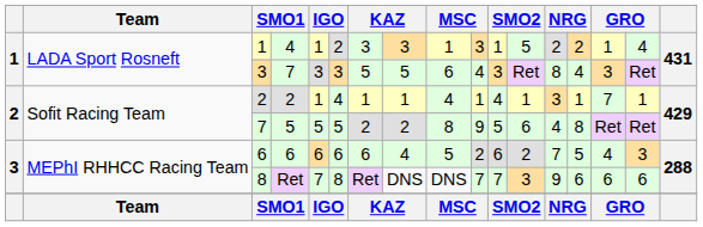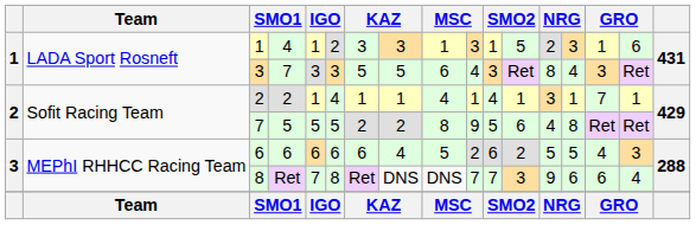 <table align=left| class="wikitable" style="font-size: 90%; text-align: center">
 <tr valign="top">
 <th valign="middle"></th>
 <th valign="middle">Team</th>
 <th colspan=2><a href='#'>SMO1</a></th>
 <th colspan=2><a href='#'>IGO</a></th>
 <th colspan=2><a href='#'>KAZ</a></th>
 <th colspan=2><a href='#'>MSC</a></th>
 <th colspan=2><a href='#'>SMO2</a></th>
 <th colspan=2><a href='#'>NRG</a></th>
 <th colspan=2><a href='#'>GRO</a></th>
 <th valign="middle"></th>
 </tr>
 <tr>
 <th rowspan="2">1</th>
 <td rowspan="2" align=left><a href='#'>LADA Sport</a> <a href='#'>Rosneft</a></td>
 <td style="background:#ffffbf;">1</td>
 <td style="background:#dfffdf;">4</td>
 <td style="background:#ffffbf;">1</td>
 <td style="background:#dfdfdf;">2</td>
 <td style="background:#dfffdf;">3</td>
 <td style="background:#ffdf9f;">3</td>
 <td style="background:#ffffbf;">1</td>
 <td style="background:#ffdf9f;">3</td>
 <td style="background:#ffffbf;">1</td>
 <td style="background:#dfffdf;">5</td>
 <td style="background:#dfdfdf;">2</td>
-<td style="background:#ffdf9f;">2</td>
+<td style="background:#ffdf9f;">3</td>
 <td style="background:#ffffbf;">1</td>
-<td style="background:#dfffdf;">4</td>
+<td style="background:#dfffdf;">6</td>
 <th rowspan="2">431</th>
 </tr>
 <tr>
 <td style="background:#ffdf9f;">3</td>
 <td style="background:#dfffdf;">7</td>
 <td style="background:#dfdfdf;">3</td>
 <td style="background:#ffdf9f;">3</td>
 <td style="background:#dfffdf;">5</td>
 <td style="background:#dfffdf;">5</td>
 <td style="background:#dfffdf;">6</td>
 <td style="background:#dfffdf;">4</td>
 <td style="background:#ffdf9f;">3</td>
 <td style="background:#efcfff;">Ret</td>
 <td style="background:#dfffdf;">8</td>
 <td style="background:#dfffdf;">4</td>
 <td style="background:#ffdf9f;">3</td>
 <td style="background:#efcfff;">Ret</td>
 </tr>
 <tr>
 <th rowspan="2">2</th>
 <td rowspan="2" align=left>Sofit Racing Team</td>
 <td style="background:#dfdfdf;">2</td>
 <td style="background:#dfdfdf;">2</td>
 <td style="background:#ffffbf;">1</td>
 <td style="background:#dfffdf;">4</td>
 <td style="background:#ffffbf;">1</td>
 <td style="background:#ffffbf;">1</td>
 <td style="background:#dfffdf;">4</td>
 <td style="background:#ffffbf;">1</td>
 <td style="background:#dfffdf;">4</td>
 <td style="background:#ffffbf;">1</td>
 <td style="background:#ffdf9f;">3</td>
 <td style="background:#ffffbf;">1</td>
 <td style="background:#dfffdf;">7</td>
 <td style="background:#ffffbf;">1</td>
 <th rowspan="2">429</th>
 </tr>
 <tr>
 <td style="background:#dfffdf;">7</td>
 <td style="background:#dfffdf;">5</td>
 <td style="background:#dfffdf;">5</td>
 <td style="background:#dfffdf;">5</td>
 <td style="background:#dfdfdf;">2</td>
 <td style="background:#dfdfdf;">2</td>
 <td style="background:#dfffdf;">8</td>
 <td style="background:#dfffdf;">9</td>
 <td style="background:#dfffdf;">5</td>
 <td style="background:#dfffdf;">6</td>
 <td style="background:#dfffdf;">4</td>
 <td style="background:#dfffdf;">8</td>
 <td style="background:#efcfff;">Ret</td>
 <td style="background:#efcfff;">Ret</td>
 </tr>
 <tr>
 <th rowspan="2">3</th>
 <td rowspan="2" align=left><a href='#'>MEPhI</a> RHHCC Racing Team</td>
 <td style="background:#dfffdf;">6</td>
 <td style="background:#dfffdf;">6</td>
 <td style="background:#ffdf9f;">6</td>
 <td style="background:#dfffdf;">6</td>
 <td style="background:#dfffdf;">6</td>
 <td style="background:#dfffdf;">4</td>
 <td style="background:#dfffdf;">5</td>
 <td style="background:#dfdfdf;">2</td>
 <td style="background:#dfdfdf;">6</td>
 <td style="background:#dfdfdf;">2</td>
-<td style="background:#dfffdf;">7</td>
+<td style="background:#dfffdf;">5</td>
 <td style="background:#dfffdf;">5</td>
 <td style="background:#dfffdf;">4</td>
 <td style="background:#ffdf9f;">3</td>
 <th rowspan="2">288</th>
 </tr>
 <tr>
 <td style="background:#dfffdf;">8</td>
 <td style="background:#efcfff;">Ret</td>
 <td style="background:#dfffdf;">7</td>
 <td style="background:#dfffdf;">8</td>
 <td style="background:#efcfff;">Ret</td>
 <td>DNS</td>
 <td>DNS</td>
 <td style="background:#dfffdf;">7</td>
 <td style="background:#dfffdf;">7</td>
 <td style="background:#ffdf9f;">3</td>
 <td style="background:#dfffdf;">9</td>
 <td style="background:#dfffdf;">6</td>
 <td style="background:#dfffdf;">6</td>
-<td style="background:#dfffdf;">6</td>
+<td style="background:#dfffdf;">4</td>
 </tr>
 <tr>
 </tr>
 <tr valign="top">
 <th valign="middle"></th>
 <th valign="middle">Team</th>
 <th colspan=2><a href='#'>SMO1</a></th>
 <th colspan=2><a href='#'>IGO</a></th>
 <th colspan=2><a href='#'>KAZ</a></th>
 <th colspan=2><a href='#'>MSC</a></th>
 <th colspan=2><a href='#'>SMO2</a></th>
 <th colspan=2><a href='#'>NRG</a></th>
 <th colspan=2><a href='#'>GRO</a></th>
 <th valign="middle"></th>
 </tr>
 </table>
